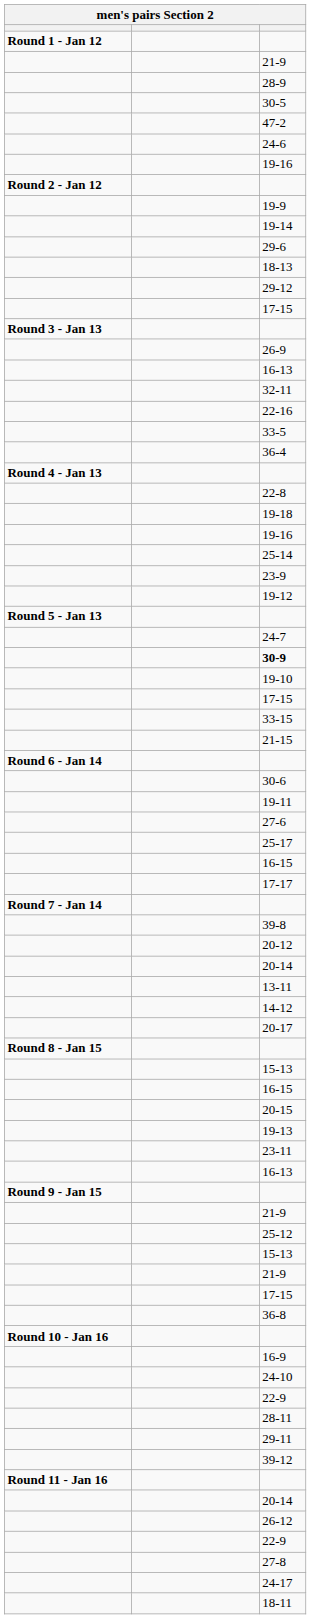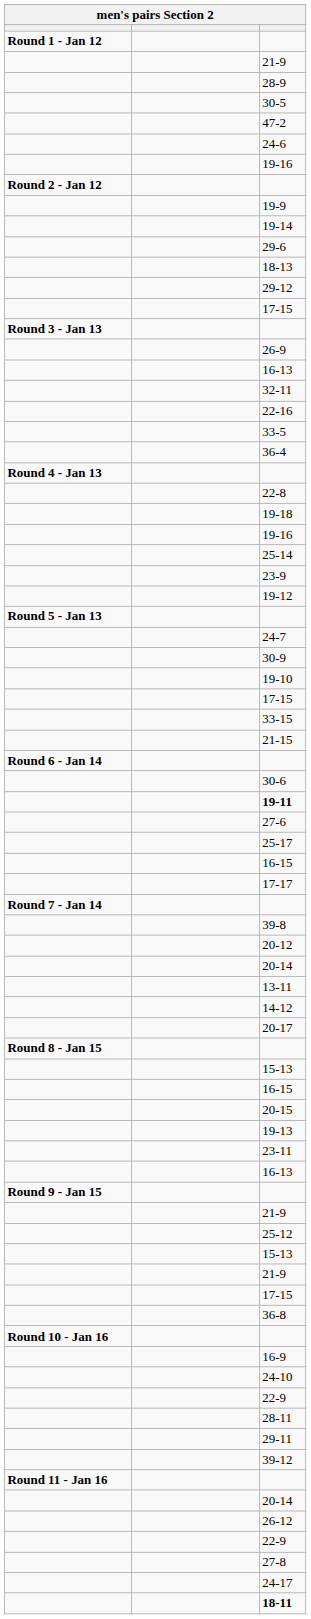 <table class="wikitable">
 <tr>
 <th colspan="3">men's pairs Section 2</th>
 </tr>
 <tr>
 <th width=150></th>
 <th width=150></th>
 <th width=50></th>
 </tr>
 <tr>
 <td><strong>Round 1 - Jan 12</strong></td>
 <td></td>
 <td></td>
 </tr>
 <tr>
 <td></td>
 <td></td>
 <td>21-9</td>
 </tr>
 <tr>
 <td></td>
 <td></td>
 <td>28-9</td>
 </tr>
 <tr>
 <td></td>
 <td></td>
 <td>30-5</td>
 </tr>
 <tr>
 <td></td>
 <td></td>
 <td>47-2</td>
 </tr>
 <tr>
 <td></td>
 <td></td>
 <td>24-6</td>
 </tr>
 <tr>
 <td></td>
 <td></td>
 <td>19-16</td>
 </tr>
 <tr>
 <td><strong>Round 2 - Jan 12</strong></td>
 <td></td>
 <td></td>
 </tr>
 <tr>
 <td></td>
 <td></td>
 <td>19-9</td>
 </tr>
 <tr>
 <td></td>
 <td></td>
 <td>19-14</td>
 </tr>
 <tr>
 <td></td>
 <td></td>
 <td>29-6</td>
 </tr>
 <tr>
 <td></td>
 <td></td>
 <td>18-13</td>
 </tr>
 <tr>
 <td></td>
 <td></td>
 <td>29-12</td>
 </tr>
 <tr>
 <td></td>
 <td></td>
 <td>17-15</td>
 </tr>
 <tr>
 <td><strong>Round 3 - Jan 13</strong></td>
 <td></td>
 <td></td>
 </tr>
 <tr>
 <td></td>
 <td></td>
 <td>26-9</td>
 </tr>
 <tr>
 <td></td>
 <td></td>
 <td>16-13</td>
 </tr>
 <tr>
 <td></td>
 <td></td>
 <td>32-11</td>
 </tr>
 <tr>
 <td></td>
 <td></td>
 <td>22-16</td>
 </tr>
 <tr>
 <td></td>
 <td></td>
 <td>33-5</td>
 </tr>
 <tr>
 <td></td>
 <td></td>
 <td>36-4</td>
 </tr>
 <tr>
 <td><strong>Round 4 - Jan 13</strong></td>
 <td></td>
 <td></td>
 </tr>
 <tr>
 <td></td>
 <td></td>
 <td>22-8</td>
 </tr>
 <tr>
 <td></td>
 <td></td>
 <td>19-18</td>
 </tr>
 <tr>
 <td></td>
 <td></td>
 <td>19-16</td>
 </tr>
 <tr>
 <td></td>
 <td></td>
 <td>25-14</td>
 </tr>
 <tr>
 <td></td>
 <td></td>
 <td>23-9</td>
 </tr>
 <tr>
 <td></td>
 <td></td>
 <td>19-12</td>
 </tr>
 <tr>
 <td><strong>Round 5 - Jan 13</strong></td>
 <td></td>
 <td></td>
 </tr>
 <tr>
 <td></td>
 <td></td>
 <td>24-7</td>
 </tr>
 <tr>
 <td></td>
 <td></td>
-<td><strong>30-9</strong></td>
+<td>30-9</td>
 </tr>
 <tr>
 <td></td>
 <td></td>
 <td>19-10</td>
 </tr>
 <tr>
 <td></td>
 <td></td>
 <td>17-15</td>
 </tr>
 <tr>
 <td></td>
 <td></td>
 <td>33-15</td>
 </tr>
 <tr>
 <td></td>
 <td></td>
 <td>21-15</td>
 </tr>
 <tr>
 <td><strong>Round 6  - Jan 14</strong></td>
 <td></td>
 <td></td>
 </tr>
 <tr>
 <td></td>
 <td></td>
 <td>30-6</td>
 </tr>
 <tr>
 <td></td>
 <td></td>
-<td>19-11</td>
+<td><strong>19-11</strong></td>
 </tr>
 <tr>
 <td></td>
 <td></td>
 <td>27-6</td>
 </tr>
 <tr>
 <td></td>
 <td></td>
 <td>25-17</td>
 </tr>
 <tr>
 <td></td>
 <td></td>
 <td>16-15</td>
 </tr>
 <tr>
 <td></td>
 <td></td>
 <td>17-17</td>
 </tr>
 <tr>
 <td><strong>Round 7 - Jan 14</strong></td>
 <td></td>
 <td></td>
 </tr>
 <tr>
 <td></td>
 <td></td>
 <td>39-8</td>
 </tr>
 <tr>
 <td></td>
 <td></td>
 <td>20-12</td>
 </tr>
 <tr>
 <td></td>
 <td></td>
 <td>20-14</td>
 </tr>
 <tr>
 <td></td>
 <td></td>
 <td>13-11</td>
 </tr>
 <tr>
 <td></td>
 <td></td>
 <td>14-12</td>
 </tr>
 <tr>
 <td></td>
 <td></td>
 <td>20-17</td>
 </tr>
 <tr>
 <td><strong>Round 8 - Jan 15</strong></td>
 <td></td>
 <td></td>
 </tr>
 <tr>
 <td></td>
 <td></td>
 <td>15-13</td>
 </tr>
 <tr>
 <td></td>
 <td></td>
 <td>16-15</td>
 </tr>
 <tr>
 <td></td>
 <td></td>
 <td>20-15</td>
 </tr>
 <tr>
 <td></td>
 <td></td>
 <td>19-13</td>
 </tr>
 <tr>
 <td></td>
 <td></td>
 <td>23-11</td>
 </tr>
 <tr>
 <td></td>
 <td></td>
 <td>16-13</td>
 </tr>
 <tr>
 <td><strong>Round 9 - Jan 15</strong></td>
 <td></td>
 <td></td>
 </tr>
 <tr>
 <td></td>
 <td></td>
 <td>21-9</td>
 </tr>
 <tr>
 <td></td>
 <td></td>
 <td>25-12</td>
 </tr>
 <tr>
 <td></td>
 <td></td>
 <td>15-13</td>
 </tr>
 <tr>
 <td></td>
 <td></td>
 <td>21-9</td>
 </tr>
 <tr>
 <td></td>
 <td></td>
 <td>17-15</td>
 </tr>
 <tr>
 <td></td>
 <td></td>
 <td>36-8</td>
 </tr>
 <tr>
 <td><strong>Round 10 - Jan 16</strong></td>
 <td></td>
 <td></td>
 </tr>
 <tr>
 <td></td>
 <td></td>
 <td>16-9</td>
 </tr>
 <tr>
 <td></td>
 <td></td>
 <td>24-10</td>
 </tr>
 <tr>
 <td></td>
 <td></td>
 <td>22-9</td>
 </tr>
 <tr>
 <td></td>
 <td></td>
 <td>28-11</td>
 </tr>
 <tr>
 <td></td>
 <td></td>
 <td>29-11</td>
 </tr>
 <tr>
 <td></td>
 <td></td>
 <td>39-12</td>
 </tr>
 <tr>
 <td><strong>Round 11 - Jan 16</strong></td>
 <td></td>
 <td></td>
 </tr>
 <tr>
 <td></td>
 <td></td>
 <td>20-14</td>
 </tr>
 <tr>
 <td></td>
 <td></td>
 <td>26-12</td>
 </tr>
 <tr>
 <td></td>
 <td></td>
 <td>22-9</td>
 </tr>
 <tr>
 <td></td>
 <td></td>
 <td>27-8</td>
 </tr>
 <tr>
 <td></td>
 <td></td>
 <td>24-17</td>
 </tr>
 <tr>
 <td></td>
 <td></td>
-<td>18-11</td>
+<td><strong>18-11</strong></td>
 </tr>
 </table>
